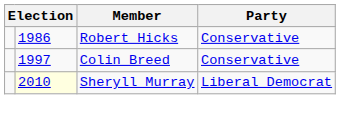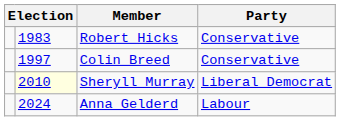 <table class="wikitable">
 <tr>
 <th colspan="2">Election</th>
 <th>Member</th>
 <th>Party</th>
 </tr>
 <tr>
 <td style="color:inherit;background-color: "></td>
-<td><a href='#'>1986</a></td>
+<td><a href='#'>1983</a></td>
 <td><a href='#'>Robert Hicks</a></td>
 <td><a href='#'>Conservative</a></td>
 </tr>
 <tr>
 <td style="color:inherit;background-color: "></td>
 <td><a href='#'>1997</a></td>
 <td><a href='#'>Colin Breed</a></td>
 <td><a href='#'>Conservative</a></td>
 </tr>
 <tr>
 <td style="color:inherit;background-color: "></td>
 <td style="background: lightyellow;"><a href='#'>2010</a></td>
 <td><a href='#'>Sheryll Murray</a></td>
 <td><a href='#'>Liberal Democrat</a></td>
 </tr>
+<tr>
+<td style="color:inherit;background-color: "></td>
+<td><a href='#'>2024</a></td>
+<td><a href='#'>Anna Gelderd</a></td>
+<td><a href='#'>Labour</a></td>
+</tr>
 </table>
